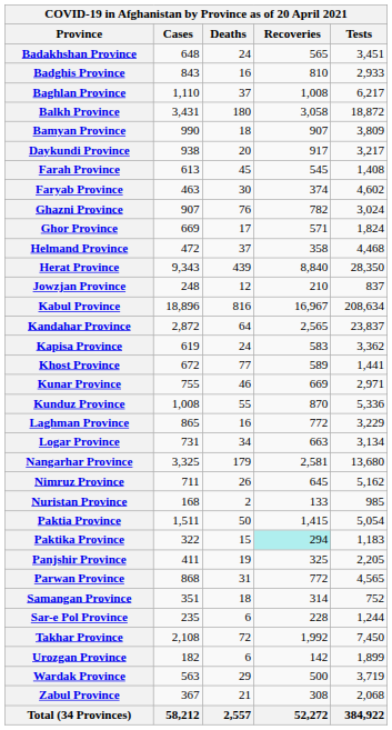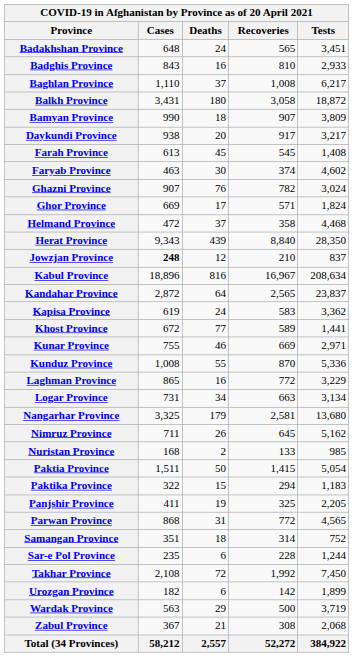 <table class="wikitable sortable" style="width:500px;">
 <tr>
 <th colspan = "6">COVID-19 in Afghanistan by Province as of 20 April 2021</th>
 </tr>
 <tr style="background: #efefef;">
 <th>Province</th>
 <th>Cases</th>
 <th>Deaths</th>
 <th>Recoveries</th>
 <th>Tests</th>
 </tr>
 <tr>
 <th scope="row"><a href='#'>Badakhshan Province</a></th>
 <td style="text-align: right;">648</td>
 <td style="text-align: right;">24</td>
 <td style="text-align: right;">565</td>
 <td style="text-align: right;">3,451</td>
 </tr>
 <tr>
 <th scope="row"><a href='#'>Badghis Province</a></th>
 <td style="text-align: right;">843</td>
 <td style="text-align: right;">16</td>
 <td style="text-align: right;">810</td>
 <td style="text-align: right;">2,933</td>
 </tr>
 <tr>
 <th scope="row"><a href='#'>Baghlan Province</a></th>
 <td style="text-align: right;">1,110</td>
 <td style="text-align: right;">37</td>
 <td style="text-align: right;">1,008</td>
 <td style="text-align: right;">6,217</td>
 </tr>
 <tr>
 <th scope="row"><a href='#'>Balkh Province</a></th>
 <td style="text-align: right;">3,431</td>
 <td style="text-align: right;">180</td>
 <td style="text-align: right;">3,058</td>
 <td style="text-align: right;">18,872</td>
 </tr>
 <tr>
 <th scope="row"><a href='#'>Bamyan Province</a></th>
 <td style="text-align: right;">990</td>
 <td style="text-align: right;">18</td>
 <td style="text-align: right;">907</td>
 <td style="text-align: right;">3,809</td>
 </tr>
 <tr>
 <th scope="row"><a href='#'>Daykundi Province</a></th>
 <td style="text-align: right;">938</td>
 <td style="text-align: right;">20</td>
 <td style="text-align: right;">917</td>
 <td style="text-align: right;">3,217</td>
 </tr>
 <tr>
 <th scope="row"><a href='#'>Farah Province</a></th>
 <td style="text-align: right;">613</td>
 <td style="text-align: right;">45</td>
 <td style="text-align: right;">545</td>
 <td style="text-align: right;">1,408</td>
 </tr>
 <tr>
 <th scope="row"><a href='#'>Faryab Province</a></th>
 <td style="text-align: right;">463</td>
 <td style="text-align: right;">30</td>
 <td style="text-align: right;">374</td>
 <td style="text-align: right;">4,602</td>
 </tr>
 <tr>
 <th scope="row"><a href='#'>Ghazni Province</a></th>
 <td style="text-align: right;">907</td>
 <td style="text-align: right;">76</td>
 <td style="text-align: right;">782</td>
 <td style="text-align: right;">3,024</td>
 </tr>
 <tr>
 <th scope="row"><a href='#'>Ghor Province</a></th>
 <td style="text-align: right;">669</td>
 <td style="text-align: right;">17</td>
 <td style="text-align: right;">571</td>
 <td style="text-align: right;">1,824</td>
 </tr>
 <tr>
 <th scope="row"><a href='#'>Helmand Province</a></th>
 <td style="text-align: right;">472</td>
 <td style="text-align: right;">37</td>
 <td style="text-align: right;">358</td>
 <td style="text-align: right;">4,468</td>
 </tr>
 <tr>
 <th scope="row"><a href='#'>Herat Province</a></th>
 <td style="text-align: right;">9,343</td>
 <td style="text-align: right;">439</td>
 <td style="text-align: right;">8,840</td>
 <td style="text-align: right;">28,350</td>
 </tr>
 <tr>
 <th scope="row"><a href='#'>Jowzjan Province</a></th>
-<td style="text-align: right;">248</td>
+<td style="text-align: right;"><strong>248</strong></td>
 <td style="text-align: right;">12</td>
 <td style="text-align: right;">210</td>
 <td style="text-align: right;">837</td>
 </tr>
 <tr>
 <th scope="row"><a href='#'>Kabul Province</a></th>
 <td style="text-align: right;">18,896</td>
 <td style="text-align: right;">816</td>
 <td style="text-align: right;">16,967</td>
 <td style="text-align: right;">208,634</td>
 </tr>
 <tr>
 <th scope="row"><a href='#'>Kandahar Province</a></th>
 <td style="text-align: right;">2,872</td>
 <td style="text-align: right;">64</td>
 <td style="text-align: right;">2,565</td>
 <td style="text-align: right;">23,837</td>
 </tr>
 <tr>
 <th scope="row"><a href='#'>Kapisa Province</a></th>
 <td style="text-align: right;">619</td>
 <td style="text-align: right;">24</td>
 <td style="text-align: right;">583</td>
 <td style="text-align: right;">3,362</td>
 </tr>
 <tr>
 <th scope="row"><a href='#'>Khost Province</a></th>
 <td style="text-align: right;">672</td>
 <td style="text-align: right;">77</td>
 <td style="text-align: right;">589</td>
 <td style="text-align: right;">1,441</td>
 </tr>
 <tr>
 <th scope="row"><a href='#'>Kunar Province</a></th>
 <td style="text-align: right;">755</td>
 <td style="text-align: right;">46</td>
 <td style="text-align: right;">669</td>
 <td style="text-align: right;">2,971</td>
 </tr>
 <tr>
 <th scope="row"><a href='#'>Kunduz Province</a></th>
 <td style="text-align: right;">1,008</td>
 <td style="text-align: right;">55</td>
 <td style="text-align: right;">870</td>
 <td style="text-align: right;">5,336</td>
 </tr>
 <tr>
 <th scope="row"><a href='#'>Laghman Province</a></th>
 <td style="text-align: right;">865</td>
 <td style="text-align: right;">16</td>
 <td style="text-align: right;">772</td>
 <td style="text-align: right;">3,229</td>
 </tr>
 <tr>
 <th scope="row"><a href='#'>Logar Province</a></th>
 <td style="text-align: right;">731</td>
 <td style="text-align: right;">34</td>
 <td style="text-align: right;">663</td>
 <td style="text-align: right;">3,134</td>
 </tr>
 <tr>
 <th scope="row"><a href='#'>Nangarhar Province</a></th>
 <td style="text-align: right;">3,325</td>
 <td style="text-align: right;">179</td>
 <td style="text-align: right;">2,581</td>
 <td style="text-align: right;">13,680</td>
 </tr>
 <tr>
 <th scope="row"><a href='#'>Nimruz Province</a></th>
 <td style="text-align: right;">711</td>
 <td style="text-align: right;">26</td>
 <td style="text-align: right;">645</td>
 <td style="text-align: right;">5,162</td>
 </tr>
 <tr>
 <th scope="row"><a href='#'>Nuristan Province</a></th>
 <td style="text-align: right;">168</td>
 <td style="text-align: right;">2</td>
 <td style="text-align: right;">133</td>
 <td style="text-align: right;">985</td>
 </tr>
 <tr>
 <th scope="row"><a href='#'>Paktia Province</a></th>
 <td style="text-align: right;">1,511</td>
 <td style="text-align: right;">50</td>
 <td style="text-align: right;">1,415</td>
 <td style="text-align: right;">5,054</td>
 </tr>
 <tr>
 <th scope="row"><a href='#'>Paktika Province</a></th>
 <td style="text-align: right;">322</td>
 <td style="text-align: right;">15</td>
-<td style="background: paleturquoise; text-align: right;">294</td>
+<td style="text-align: right;">294</td>
 <td style="text-align: right;">1,183</td>
 </tr>
 <tr>
 <th scope="row"><a href='#'>Panjshir Province</a></th>
 <td style="text-align: right;">411</td>
 <td style="text-align: right;">19</td>
 <td style="text-align: right;">325</td>
 <td style="text-align: right;">2,205</td>
 </tr>
 <tr>
 <th scope="row"><a href='#'>Parwan Province</a></th>
 <td style="text-align: right;">868</td>
 <td style="text-align: right;">31</td>
 <td style="text-align: right;">772</td>
 <td style="text-align: right;">4,565</td>
 </tr>
 <tr>
 <th scope="row"><a href='#'>Samangan Province</a></th>
 <td style="text-align: right;">351</td>
 <td style="text-align: right;">18</td>
 <td style="text-align: right;">314</td>
 <td style="text-align: right;">752</td>
 </tr>
 <tr>
 <th scope="row"><a href='#'>Sar-e Pol Province</a></th>
 <td style="text-align: right;">235</td>
 <td style="text-align: right;">6</td>
 <td style="text-align: right;">228</td>
 <td style="text-align: right;">1,244</td>
 </tr>
 <tr>
 <th scope="row"><a href='#'>Takhar Province</a></th>
 <td style="text-align: right;">2,108</td>
 <td style="text-align: right;">72</td>
 <td style="text-align: right;">1,992</td>
 <td style="text-align: right;">7,450</td>
 </tr>
 <tr>
 <th scope="row"><a href='#'>Urozgan Province</a></th>
 <td style="text-align: right;">182</td>
 <td style="text-align: right;">6</td>
 <td style="text-align: right;">142</td>
 <td style="text-align: right;">1,899</td>
 </tr>
 <tr>
 <th scope="row"><a href='#'>Wardak Province</a></th>
 <td style="text-align: right;">563</td>
 <td style="text-align: right;">29</td>
 <td style="text-align: right;">500</td>
 <td style="text-align: right;">3,719</td>
 </tr>
 <tr>
 <th scope="row"><a href='#'>Zabul Province</a></th>
 <td style="text-align: right;">367</td>
 <td style="text-align: right;">21</td>
 <td style="text-align: right;">308</td>
 <td style="text-align: right;">2,068</td>
 </tr>
 <tr>
 <th scope="row"><strong>Total (34 Provinces)</strong></th>
 <th style="text-align: right;">58,212</th>
 <th style="text-align: right;">2,557</th>
 <th style="text-align: right;">52,272</th>
 <th style="text-align: right;">384,922</th>
 </tr>
 </table>
